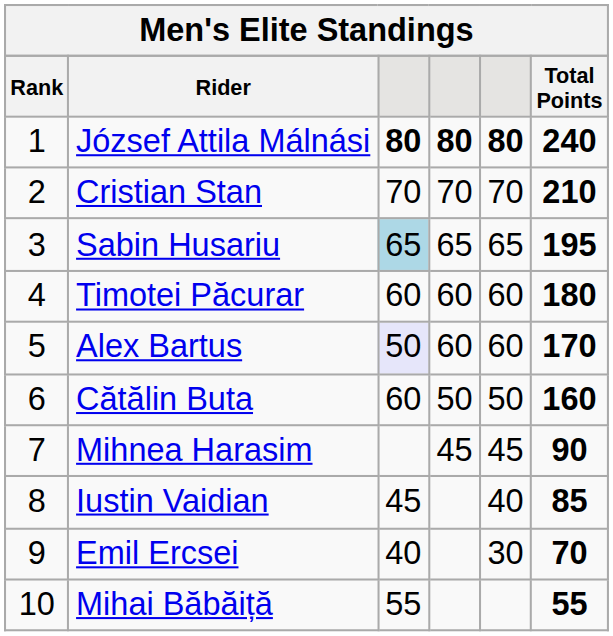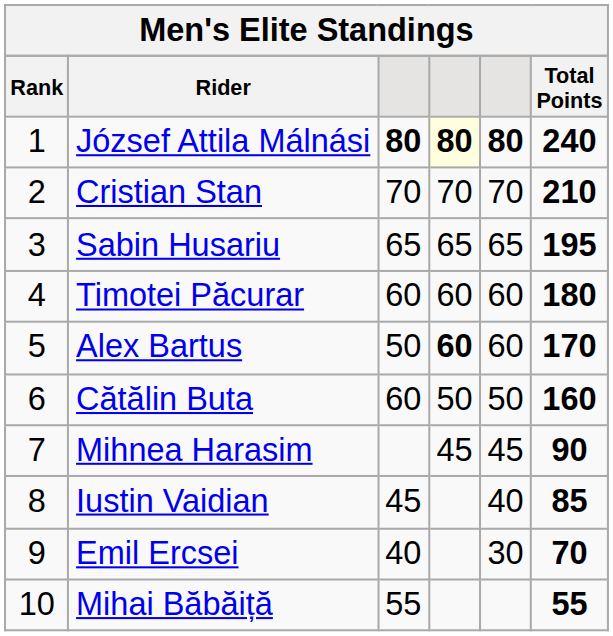 <table class="wikitable sortable">
 <tr>
 <th colspan=27 align="center">Men's Elite Standings</th>
 </tr>
 <tr>
 </tr>
 <tr style="font-size:8pt;font-weight:bold">
 <th align="center">Rank</th>
 <th align="center">Rider</th>
 <th class=unsortable style="background:#E5E4E2;"><small></small></th>
 <th class=unsortable style="background:#E5E4E2;"><small></small></th>
 <th class=unsortable style="background:#E5E4E2;"><small></small></th>
 <th align="center">Total<br>Points</th>
 </tr>
 <tr>
 <td align=center>1</td>
 <td> <a href='#'>József Attila Málnási</a></td>
 <td align=center><strong>80</strong></td>
-<td align=center><strong>80</strong></td>
+<td align=center style="background: lightyellow;"><strong>80</strong></td>
 <td align=center><strong>80</strong></td>
 <td align=center><strong>240</strong></td>
 </tr>
 <tr>
 <td align=center>2</td>
 <td> <a href='#'>Cristian Stan</a></td>
 <td align=center>70</td>
 <td align=center>70</td>
 <td align=center>70</td>
 <td align=center><strong>210</strong></td>
 </tr>
 <tr>
 <td align=center>3</td>
 <td> <a href='#'>Sabin Husariu</a></td>
-<td align=center style="background: lightblue;">65</td>
+<td align=center>65</td>
 <td align=center>65</td>
 <td align=center>65</td>
 <td align=center><strong>195</strong></td>
 </tr>
 <tr>
 <td align=center>4</td>
 <td> <a href='#'>Timotei Păcurar</a></td>
 <td align=center>60</td>
 <td align=center>60</td>
 <td align=center>60</td>
 <td align=center><strong>180</strong></td>
 </tr>
 <tr>
 <td align=center>5</td>
 <td> <a href='#'>Alex Bartus</a></td>
-<td align=center style="background: lavender;">50</td>
-<td align=center>60</td>
+<td align=center>50</td>
+<td align=center><strong>60</strong></td>
 <td align=center>60</td>
 <td align=center><strong>170</strong></td>
 </tr>
 <tr>
 <td align=center>6</td>
 <td> <a href='#'>Cătălin Buta</a></td>
 <td align=center>60</td>
 <td align=center>50</td>
 <td align=center>50</td>
 <td align=center><strong>160</strong></td>
 </tr>
 <tr>
 <td align=center>7</td>
 <td> <a href='#'>Mihnea Harasim</a></td>
 <td align=center></td>
 <td align=center>45</td>
 <td align=center>45</td>
 <td align=center><strong>90</strong></td>
 </tr>
 <tr>
 <td align=center>8</td>
 <td> <a href='#'>Iustin Vaidian</a></td>
 <td align=center>45</td>
 <td align=center></td>
 <td align=center>40</td>
 <td align=center><strong>85</strong></td>
 </tr>
 <tr>
 <td align=center>9</td>
 <td> <a href='#'>Emil Ercsei</a></td>
 <td align=center>40</td>
 <td align=center></td>
 <td align=center>30</td>
 <td align=center><strong>70</strong></td>
 </tr>
 <tr>
 <td align=center>10</td>
 <td> <a href='#'>Mihai Băbăiță</a></td>
 <td align=center>55</td>
 <td align=center></td>
 <td align=center></td>
 <td align=center><strong>55</strong></td>
 </tr>
 </table>
